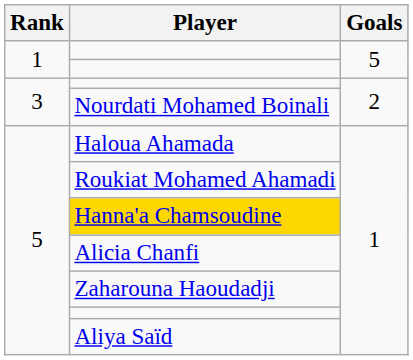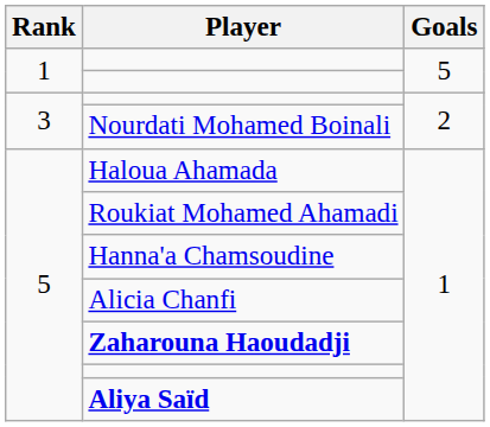 <table class="wikitable sortable" style="text-align:center;">
 <tr>
 <th>Rank</th>
 <th>Player</th>
 <th>Goals</th>
 </tr>
 <tr>
 <td rowspan="2">1</td>
 <td style="text-align:left;"></td>
 <td rowspan="2">5</td>
 </tr>
 <tr>
 <td style="text-align:left;"></td>
 </tr>
 <tr>
 <td rowspan="2">3</td>
 <td style="text-align:left;"></td>
 <td rowspan="2">2</td>
 </tr>
 <tr>
 <td style="text-align:left;"><a href='#'>Nourdati Mohamed Boinali</a></td>
 </tr>
 <tr>
 <td rowspan="7">5</td>
 <td style="text-align:left;"><a href='#'>Haloua Ahamada</a></td>
 <td rowspan="7">1</td>
 </tr>
 <tr>
 <td style="text-align:left;"><a href='#'>Roukiat Mohamed Ahamadi</a></td>
 </tr>
 <tr>
-<td style="background: gold; text-align:left;"><a href='#'>Hanna'a Chamsoudine</a></td>
+<td style="text-align:left;"><a href='#'>Hanna'a Chamsoudine</a></td>
 </tr>
 <tr>
 <td style="text-align:left;"><a href='#'>Alicia Chanfi</a></td>
 </tr>
 <tr>
-<td style="text-align:left;"><a href='#'>Zaharouna Haoudadji</a></td>
+<td style="text-align:left;"><strong><a href='#'>Zaharouna Haoudadji</a></strong></td>
 </tr>
 <tr>
 <td style="text-align:left;"></td>
 </tr>
 <tr>
-<td style="text-align:left;"><a href='#'>Aliya Saïd</a></td>
+<td style="text-align:left;"><strong><a href='#'>Aliya Saïd</a></strong></td>
 </tr>
 </table>
